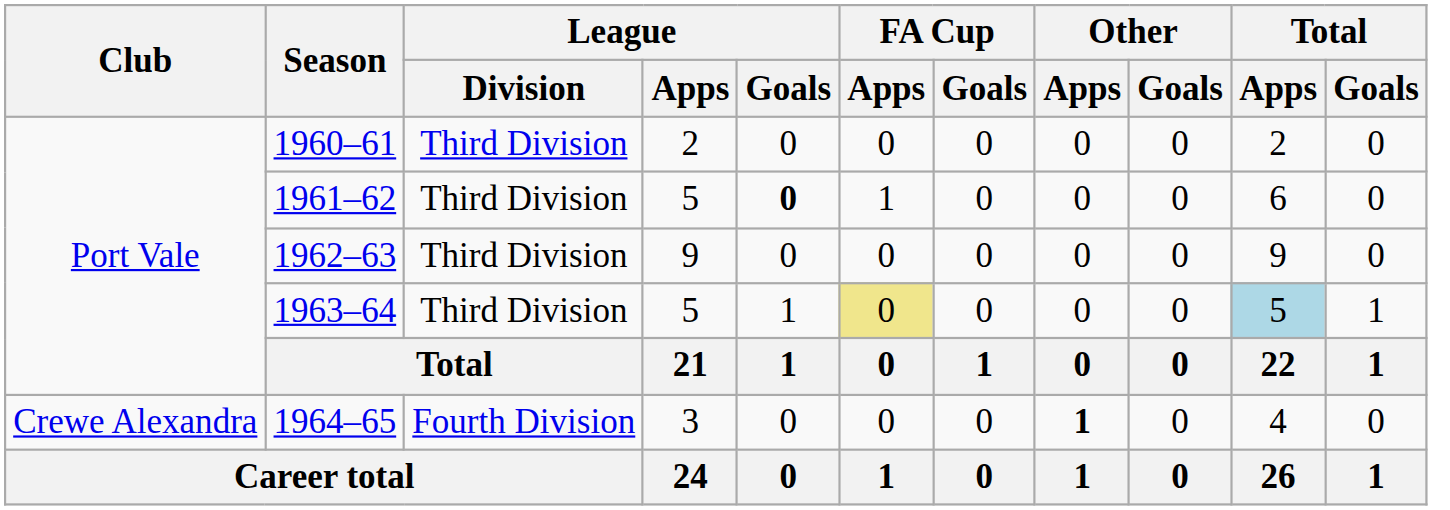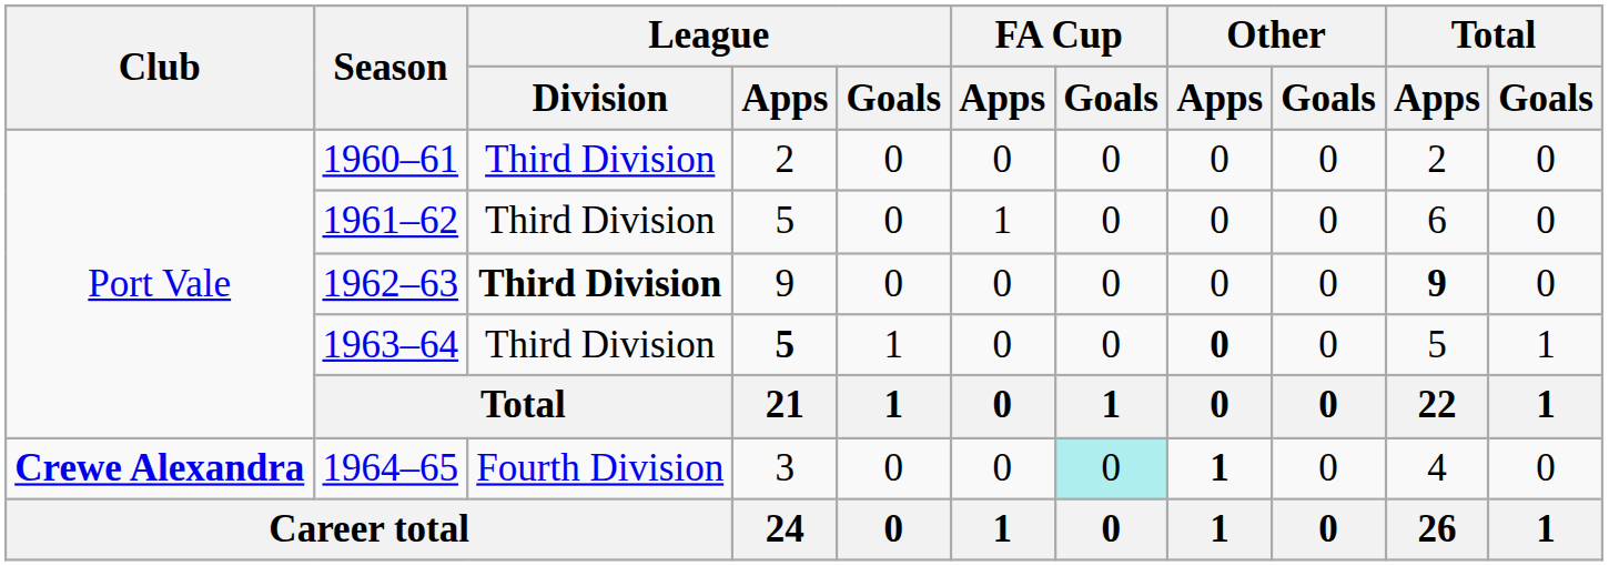 <table class="wikitable" style="text-align: center;">
 <tr>
 <th rowspan="2">Club</th>
 <th rowspan="2">Season</th>
 <th colspan="3">League</th>
 <th colspan="2">FA Cup</th>
 <th colspan="2">Other</th>
 <th colspan="2">Total</th>
 </tr>
 <tr>
 <th>Division</th>
 <th>Apps</th>
 <th>Goals</th>
 <th>Apps</th>
 <th>Goals</th>
 <th>Apps</th>
 <th>Goals</th>
 <th>Apps</th>
 <th>Goals</th>
 </tr>
 <tr>
 <td rowspan="5"><a href='#'>Port Vale</a></td>
 <td><a href='#'>1960–61</a></td>
 <td><a href='#'>Third Division</a></td>
 <td>2</td>
 <td>0</td>
 <td>0</td>
 <td>0</td>
 <td>0</td>
 <td>0</td>
 <td>2</td>
 <td>0</td>
 </tr>
 <tr>
 <td><a href='#'>1961–62</a></td>
 <td>Third Division</td>
 <td>5</td>
-<td><strong>0</strong></td>
+<td>0</td>
 <td>1</td>
 <td>0</td>
 <td>0</td>
 <td>0</td>
 <td>6</td>
 <td>0</td>
 </tr>
 <tr>
 <td><a href='#'>1962–63</a></td>
-<td>Third Division</td>
+<td><strong>Third Division</strong></td>
 <td>9</td>
 <td>0</td>
 <td>0</td>
 <td>0</td>
 <td>0</td>
 <td>0</td>
-<td>9</td>
+<td><strong>9</strong></td>
 <td>0</td>
 </tr>
 <tr>
 <td><a href='#'>1963–64</a></td>
 <td>Third Division</td>
-<td>5</td>
+<td><strong>5</strong></td>
 <td>1</td>
-<td style="background: khaki;">0</td>
 <td>0</td>
 <td>0</td>
+<td><strong>0</strong></td>
 <td>0</td>
-<td style="background: lightblue;">5</td>
+<td>5</td>
 <td>1</td>
 </tr>
 <tr>
 <th colspan="2">Total</th>
 <th>21</th>
 <th>1</th>
 <th>0</th>
 <th>1</th>
 <th>0</th>
 <th>0</th>
 <th>22</th>
 <th>1</th>
 </tr>
 <tr>
-<td><a href='#'>Crewe Alexandra</a></td>
+<td><strong><a href='#'>Crewe Alexandra</a></strong></td>
 <td><a href='#'>1964–65</a></td>
 <td><a href='#'>Fourth Division</a></td>
 <td>3</td>
 <td>0</td>
 <td>0</td>
-<td>0</td>
+<td style="background: paleturquoise;">0</td>
 <td><strong>1</strong></td>
 <td>0</td>
 <td>4</td>
 <td>0</td>
 </tr>
 <tr>
 <th colspan="3">Career total</th>
 <th>24</th>
 <th>0</th>
 <th>1</th>
 <th>0</th>
 <th>1</th>
 <th>0</th>
 <th>26</th>
 <th>1</th>
 </tr>
 </table>
